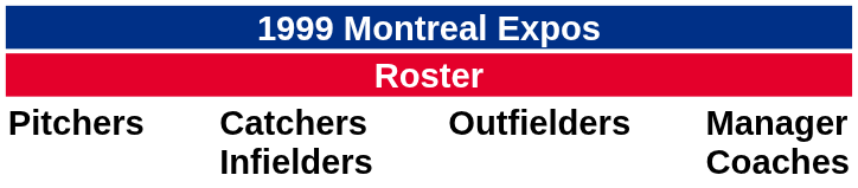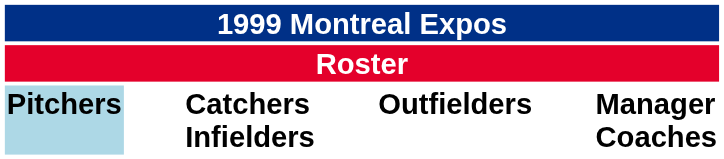 <table class="toccolours" style="font-size: 95%;">
 <tr>
 <th colspan="10" style="background-color: #003087; color: #FFFFFF; text-align: center;">1999 Montreal Expos</th>
 </tr>
 <tr>
 <td colspan="10" style="background-color: #E4002B; color: #FFFFFF; text-align: center;"><strong>Roster</strong></td>
 </tr>
 <tr>
-<td valign="top"><strong>Pitchers</strong><br>                    </td>
+<td valign="top" style="background: lightblue;"><strong>Pitchers</strong><br>                    </td>
 <td width="25px"></td>
 <td valign="top"><strong>Catchers</strong><br>   <strong>Infielders</strong>            </td>
 <td width="25px"></td>
 <td valign="top"><strong>Outfielders</strong><br>       </td>
 <td width="25px"></td>
 <td valign="top"><strong>Manager</strong><br> <strong>Coaches</strong>      </td>
 </tr>
 </table>
